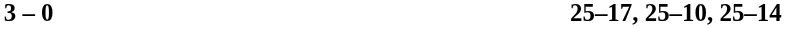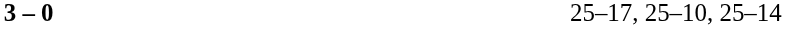 <table width=100% cellspacing=1>
 <tr>
 <th width=20%></th>
 <th width=12%></th>
 <th width=20%></th>
 <th width=33%></th>
 <td></td>
 </tr>
 <tr style=font-size:95%>
 <td align=right><strong></strong></td>
 <td align=center><strong>3 – 0</strong></td>
 <td></td>
-<td><strong>25–17, 25–10, 25–14</strong></td>
+<td>25–17, 25–10, 25–14</td>
 </tr>
 </table>
